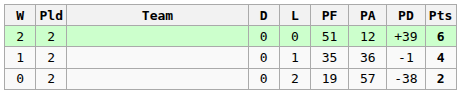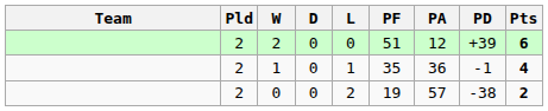 <table class="wikitable" style="text-align:center;">
 <tr>
+<th width=175>Team</th>
+<th width=25 abbr="Played">Pld</th>
 <th width=25 abbr="Won">W</th>
-<th width=25 abbr="Played">Pld</th>
-<th width=175>Team</th>
 <th width=25 abbr="Drawn">D</th>
 <th width=25 abbr="Lost">L</th>
 <th width=32 abbr="Points for">PF</th>
 <th width=32 abbr="Points against">PA</th>
 <th width=32 abbr="Points difference">PD</th>
 <th width=25 abbr="Points">Pts</th>
 </tr>
 <tr bgcolor=ccffcc>
+<td align=left></td>
 <td>2</td>
 <td>2</td>
-<td align=left></td>
 <td>0</td>
 <td>0</td>
 <td>51</td>
 <td>12</td>
 <td>+39</td>
 <td><strong>6</strong></td>
 </tr>
 <tr>
+<td align=left></td>
+<td>2</td>
 <td>1</td>
-<td>2</td>
-<td align=left></td>
 <td>0</td>
 <td>1</td>
 <td>35</td>
 <td>36</td>
 <td>-1</td>
 <td><strong>4</strong></td>
 </tr>
 <tr>
+<td align=left></td>
+<td>2</td>
 <td>0</td>
-<td>2</td>
-<td align=left></td>
 <td>0</td>
 <td>2</td>
 <td>19</td>
 <td>57</td>
 <td>-38</td>
 <td><strong>2</strong></td>
 </tr>
 </table>
